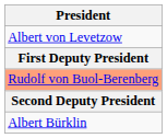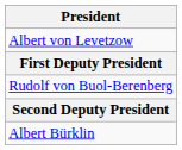 <table class="wikitable">
 <tr>
 <th>President</th>
 </tr>
 <tr>
 <td><a href='#'>Albert von Levetzow</a></td>
 </tr>
 <tr>
 <th>First Deputy President</th>
 </tr>
 <tr>
-<td style="background: lightsalmon;"><a href='#'>Rudolf von Buol-Berenberg</a></td>
+<td><a href='#'>Rudolf von Buol-Berenberg</a></td>
 </tr>
 <tr>
 <th>Second Deputy President</th>
 </tr>
 <tr>
 <td><a href='#'>Albert Bürklin</a></td>
 </tr>
 </table>
